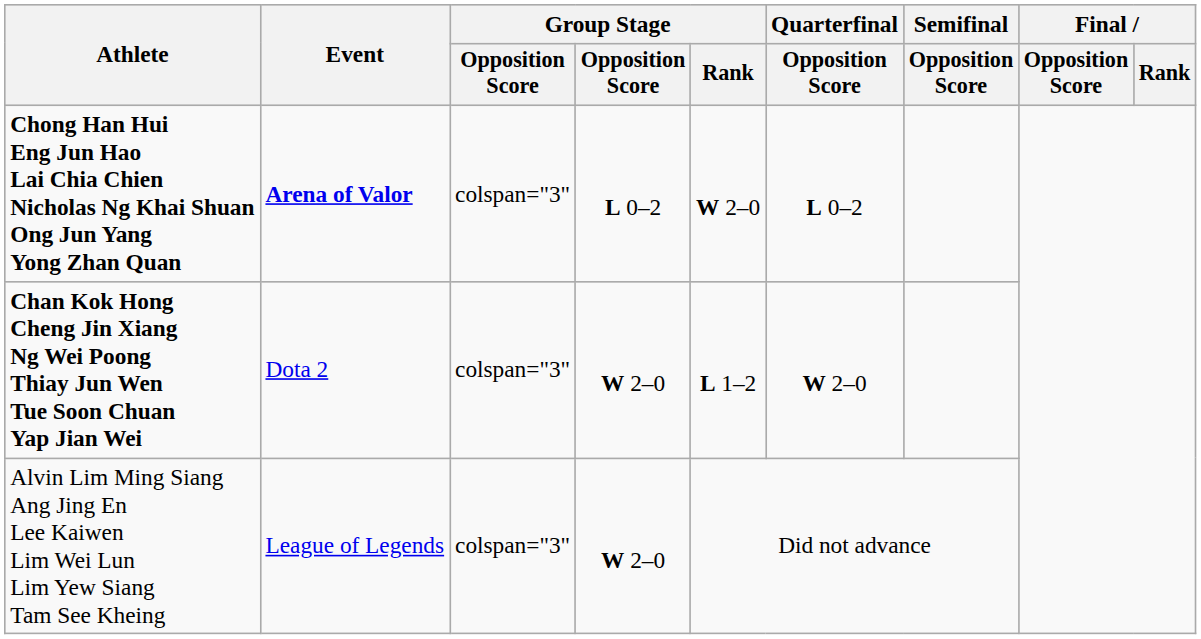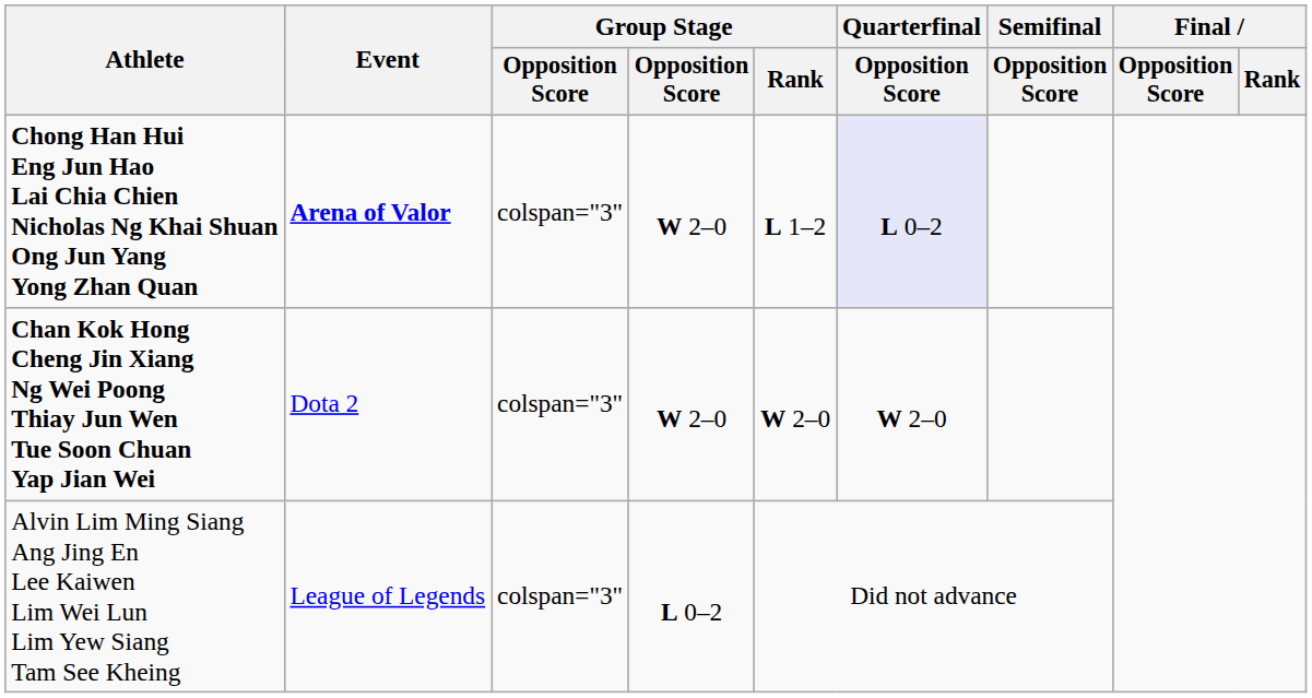 <table class="wikitable" style="font-size:90%;text-align:center">
 <tr>
 <th rowspan="2">Athlete</th>
 <th rowspan="2">Event</th>
 <th colspan="3">Group Stage</th>
 <th>Quarterfinal</th>
 <th>Semifinal</th>
 <th colspan="2">Final / </th>
 </tr>
 <tr style=font-size:95%>
 <th>Opposition<br>Score</th>
 <th>Opposition<br>Score</th>
 <th>Rank</th>
 <th>Opposition<br>Score</th>
 <th>Opposition<br>Score</th>
 <th>Opposition<br>Score</th>
 <th>Rank</th>
 </tr>
 <tr>
 <td align="left"><strong>Chong Han Hui<br>Eng Jun Hao<br>Lai Chia Chien<br>Nicholas Ng Khai Shuan<br>Ong Jun Yang<br>Yong Zhan Quan</strong></td>
 <td align="left"><strong><a href='#'>Arena of Valor</a></strong></td>
 <td>colspan="3" </td>
-<td><br><strong>L</strong> 0–2</td>
 <td><br><strong>W</strong> 2–0</td>
-<td><br><strong>L</strong> 0–2</td>
+<td><br><strong>L</strong> 1–2</td>
+<td style="background: lavender;"><br><strong>L</strong> 0–2</td>
 <td></td>
 </tr>
 <tr>
 <td align="left"><strong>Chan Kok Hong<br>Cheng Jin Xiang<br>Ng Wei Poong<br>Thiay Jun Wen<br>Tue Soon Chuan<br>Yap Jian Wei</strong></td>
 <td align="left"><a href='#'>Dota 2</a></td>
 <td>colspan="3" </td>
 <td><br><strong>W</strong> 2–0</td>
-<td><br><strong>L</strong> 1–2</td>
+<td><br><strong>W</strong> 2–0</td>
 <td><br><strong>W</strong> 2–0</td>
 <td></td>
 </tr>
 <tr>
 <td align="left">Alvin Lim Ming Siang<br>Ang Jing En<br>Lee Kaiwen<br>Lim Wei Lun<br>Lim Yew Siang<br>Tam See Kheing</td>
 <td align="left"><a href='#'>League of Legends</a></td>
 <td>colspan="3" </td>
-<td><br><strong>W</strong> 2–0</td>
+<td><br><strong>L</strong> 0–2</td>
 <td colspan="3">Did not advance</td>
 </tr>
 </table>
